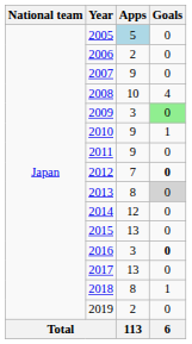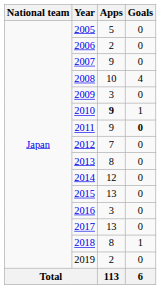 <table class="wikitable" style="text-align:center">
 <tr>
 <th>National team</th>
 <th>Year</th>
 <th>Apps</th>
 <th>Goals</th>
 </tr>
 <tr>
 <td rowspan="15"><a href='#'>Japan</a></td>
 <td><a href='#'>2005</a></td>
-<td style="background: lightblue;">5</td>
+<td>5</td>
 <td>0</td>
 </tr>
 <tr>
 <td><a href='#'>2006</a></td>
 <td>2</td>
 <td>0</td>
 </tr>
 <tr>
 <td><a href='#'>2007</a></td>
 <td>9</td>
 <td>0</td>
 </tr>
 <tr>
 <td><a href='#'>2008</a></td>
 <td>10</td>
 <td>4</td>
 </tr>
 <tr>
 <td><a href='#'>2009</a></td>
 <td>3</td>
-<td style="background: lightgreen;">0</td>
+<td>0</td>
 </tr>
 <tr>
 <td><a href='#'>2010</a></td>
-<td>9</td>
+<td><strong>9</strong></td>
 <td>1</td>
 </tr>
 <tr>
 <td><a href='#'>2011</a></td>
 <td>9</td>
-<td>0</td>
+<td><strong>0</strong></td>
 </tr>
 <tr>
 <td><a href='#'>2012</a></td>
 <td>7</td>
-<td><strong>0</strong></td>
+<td>0</td>
 </tr>
 <tr>
 <td><a href='#'>2013</a></td>
 <td>8</td>
-<td style="background: lightgrey;">0</td>
+<td>0</td>
 </tr>
 <tr>
 <td><a href='#'>2014</a></td>
 <td>12</td>
 <td>0</td>
 </tr>
 <tr>
 <td><a href='#'>2015</a></td>
 <td>13</td>
 <td>0</td>
 </tr>
 <tr>
 <td><a href='#'>2016</a></td>
 <td>3</td>
-<td><strong>0</strong></td>
+<td>0</td>
 </tr>
 <tr>
 <td><a href='#'>2017</a></td>
 <td>13</td>
 <td>0</td>
 </tr>
 <tr>
 <td><a href='#'>2018</a></td>
 <td>8</td>
 <td>1</td>
 </tr>
 <tr>
 <td>2019</td>
 <td>2</td>
 <td>0</td>
 </tr>
 <tr>
 <th colspan="2">Total</th>
 <th>113</th>
 <th>6</th>
 </tr>
 </table>
